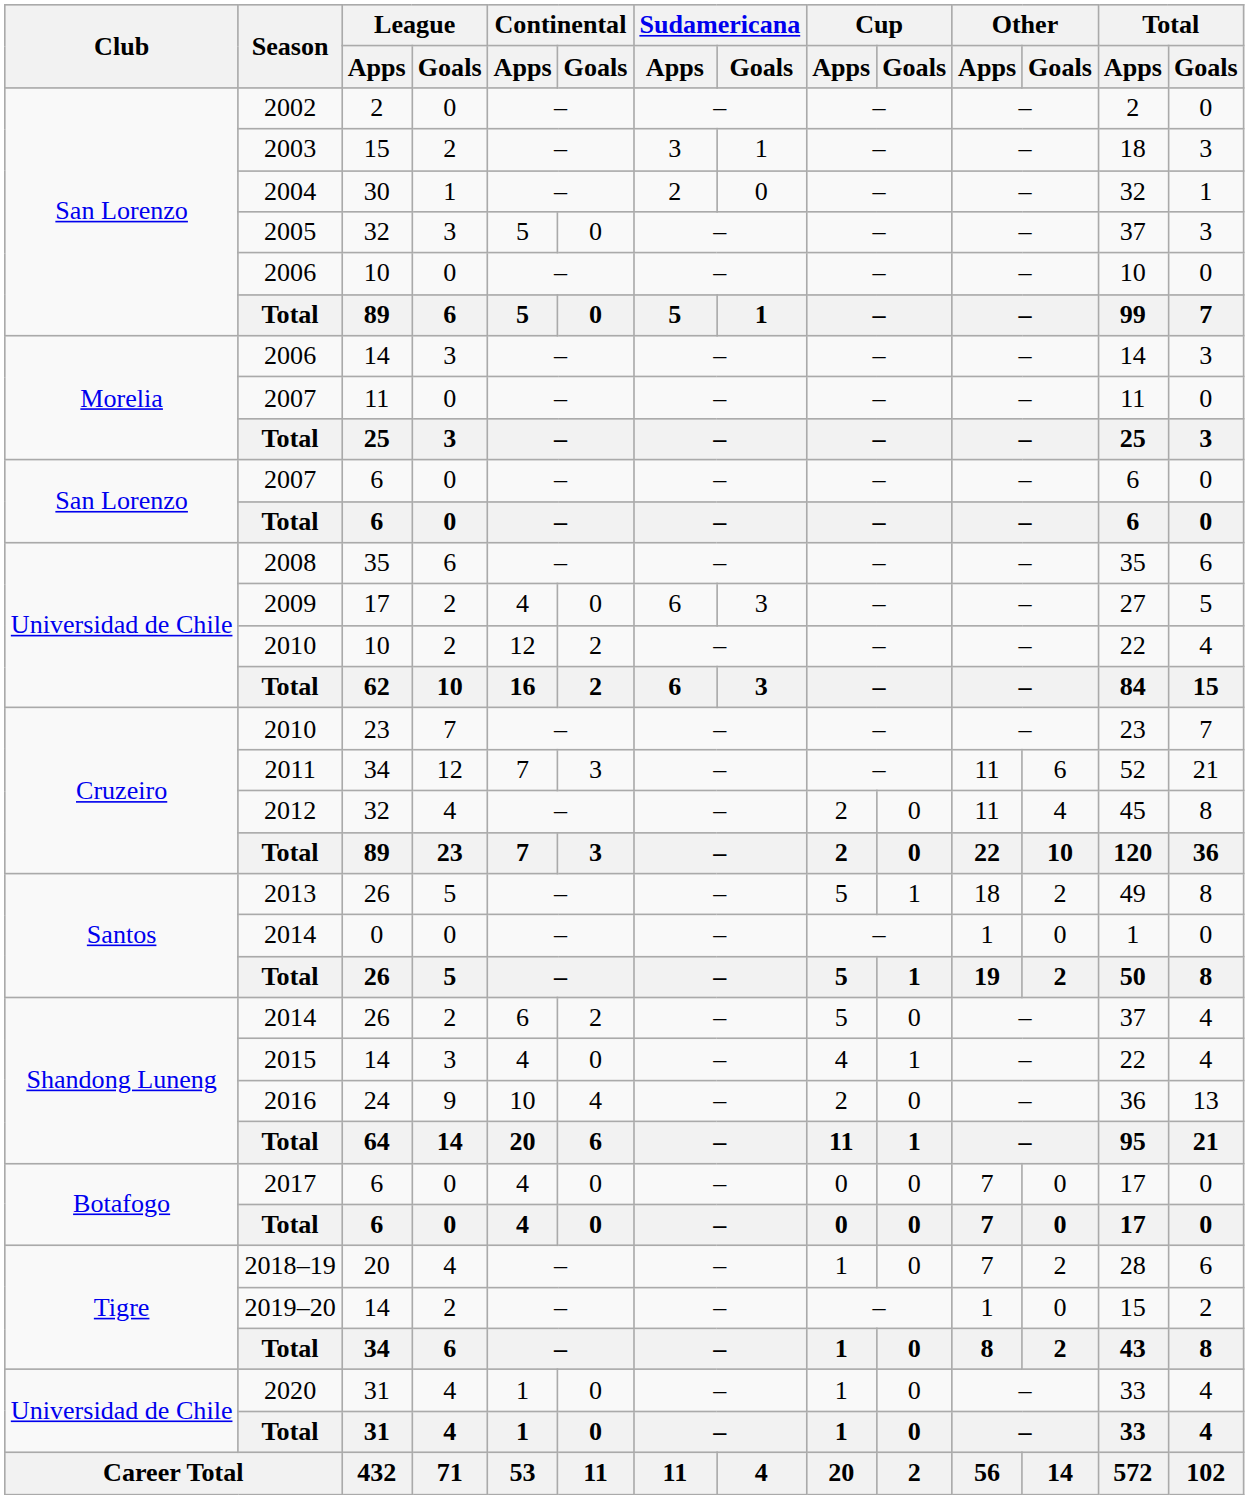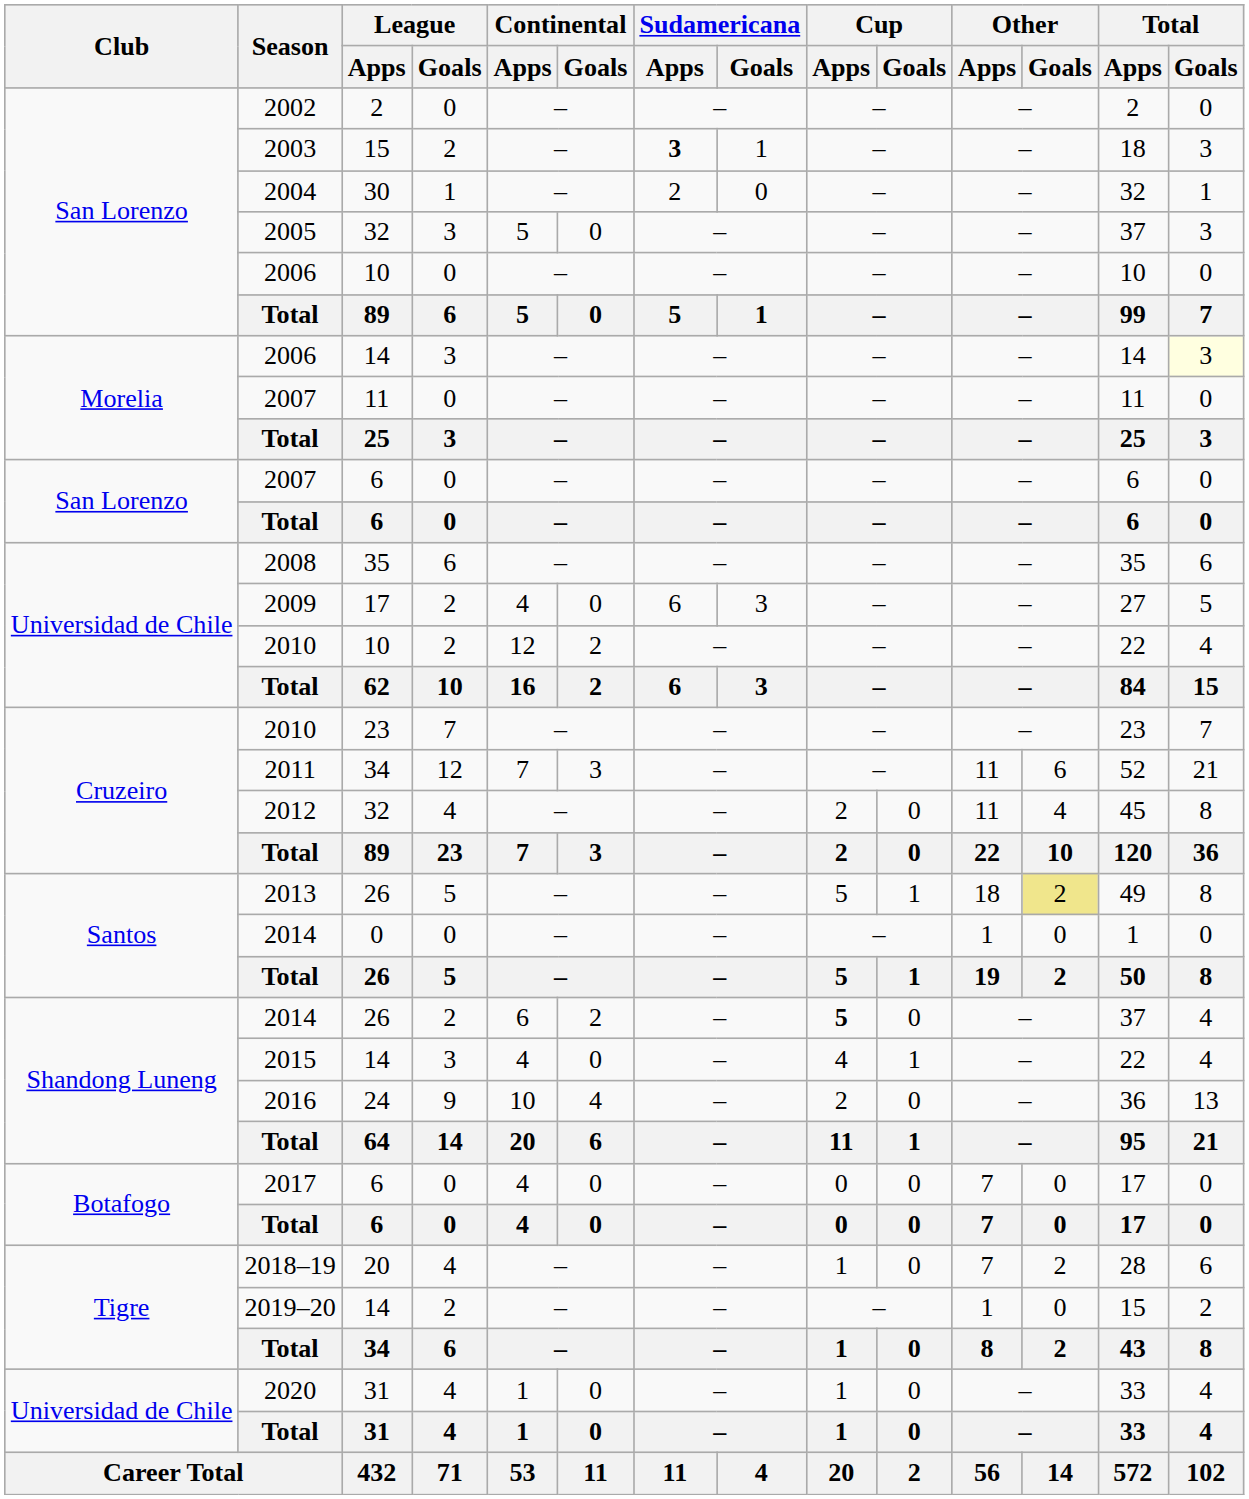 <table class="wikitable" style="text-align: center;">
 <tr>
 <th rowspan="2">Club</th>
 <th rowspan="2">Season</th>
 <th colspan="2">League</th>
 <th colspan="2">Continental</th>
 <th colspan="2"><a href='#'>Sudamericana</a></th>
 <th colspan="2">Cup</th>
 <th colspan="2">Other</th>
 <th colspan="2">Total</th>
 </tr>
 <tr>
 <th>Apps</th>
 <th>Goals</th>
 <th>Apps</th>
 <th>Goals</th>
 <th>Apps</th>
 <th>Goals</th>
 <th>Apps</th>
 <th>Goals</th>
 <th>Apps</th>
 <th>Goals</th>
 <th>Apps</th>
 <th>Goals</th>
 </tr>
 <tr>
 <td rowspan="6"><a href='#'>San Lorenzo</a></td>
 <td>2002</td>
 <td>2</td>
 <td>0</td>
 <td colspan=2>–</td>
 <td colspan=2>–</td>
 <td colspan=2>–</td>
 <td colspan=2>–</td>
 <td>2</td>
 <td>0</td>
 </tr>
 <tr>
 <td>2003</td>
 <td>15</td>
 <td>2</td>
 <td colspan=2>–</td>
-<td>3</td>
+<td><strong>3</strong></td>
 <td>1</td>
 <td colspan=2>–</td>
 <td colspan=2>–</td>
 <td>18</td>
 <td>3</td>
 </tr>
 <tr>
 <td>2004</td>
 <td>30</td>
 <td>1</td>
 <td colspan=2>–</td>
 <td>2</td>
 <td>0</td>
 <td colspan=2>–</td>
 <td colspan=2>–</td>
 <td>32</td>
 <td>1</td>
 </tr>
 <tr>
 <td>2005</td>
 <td>32</td>
 <td>3</td>
 <td>5</td>
 <td>0</td>
 <td colspan=2>–</td>
 <td colspan=2>–</td>
 <td colspan=2>–</td>
 <td>37</td>
 <td>3</td>
 </tr>
 <tr>
 <td>2006</td>
 <td>10</td>
 <td>0</td>
 <td colspan=2>–</td>
 <td colspan=2>–</td>
 <td colspan=2>–</td>
 <td colspan=2>–</td>
 <td>10</td>
 <td>0</td>
 </tr>
 <tr>
 <th>Total</th>
 <th>89</th>
 <th>6</th>
 <th>5</th>
 <th>0</th>
 <th>5</th>
 <th>1</th>
 <th colspan=2>–</th>
 <th colspan=2>–</th>
 <th>99</th>
 <th>7</th>
 </tr>
 <tr>
 <td rowspan="3"><a href='#'>Morelia</a></td>
 <td>2006</td>
 <td>14</td>
 <td>3</td>
 <td colspan=2>–</td>
 <td colspan=2>–</td>
 <td colspan=2>–</td>
 <td colspan=2>–</td>
 <td>14</td>
-<td>3</td>
+<td style="background: lightyellow;">3</td>
 </tr>
 <tr>
 <td>2007</td>
 <td>11</td>
 <td>0</td>
 <td colspan=2>–</td>
 <td colspan=2>–</td>
 <td colspan=2>–</td>
 <td colspan=2>–</td>
 <td>11</td>
 <td>0</td>
 </tr>
 <tr>
 <th>Total</th>
 <th>25</th>
 <th>3</th>
 <th colspan=2>–</th>
 <th colspan=2>–</th>
 <th colspan=2>–</th>
 <th colspan=2>–</th>
 <th>25</th>
 <th>3</th>
 </tr>
 <tr>
 <td rowspan="2"><a href='#'>San Lorenzo</a></td>
 <td>2007</td>
 <td>6</td>
 <td>0</td>
 <td colspan=2>–</td>
 <td colspan=2>–</td>
 <td colspan=2>–</td>
 <td colspan=2>–</td>
 <td>6</td>
 <td>0</td>
 </tr>
 <tr>
 <th>Total</th>
 <th>6</th>
 <th>0</th>
 <th colspan=2>–</th>
 <th colspan=2>–</th>
 <th colspan=2>–</th>
 <th colspan=2>–</th>
 <th>6</th>
 <th>0</th>
 </tr>
 <tr>
 <td rowspan="4"><a href='#'>Universidad de Chile</a></td>
 <td>2008</td>
 <td>35</td>
 <td>6</td>
 <td colspan=2>–</td>
 <td colspan=2>–</td>
 <td colspan=2>–</td>
 <td colspan=2>–</td>
 <td>35</td>
 <td>6</td>
 </tr>
 <tr>
 <td>2009</td>
 <td>17</td>
 <td>2</td>
 <td>4</td>
 <td>0</td>
 <td>6</td>
 <td>3</td>
 <td colspan=2>–</td>
 <td colspan=2>–</td>
 <td>27</td>
 <td>5</td>
 </tr>
 <tr>
 <td>2010</td>
 <td>10</td>
 <td>2</td>
 <td>12</td>
 <td>2</td>
 <td colspan=2>–</td>
 <td colspan=2>–</td>
 <td colspan=2>–</td>
 <td>22</td>
 <td>4</td>
 </tr>
 <tr>
 <th>Total</th>
 <th>62</th>
 <th>10</th>
 <th>16</th>
 <th>2</th>
 <th>6</th>
 <th>3</th>
 <th colspan=2>–</th>
 <th colspan=2>–</th>
 <th>84</th>
 <th>15</th>
 </tr>
 <tr>
 <td rowspan="4"><a href='#'>Cruzeiro</a></td>
 <td>2010</td>
 <td>23</td>
 <td>7</td>
 <td colspan=2>–</td>
 <td colspan=2>–</td>
 <td colspan=2>–</td>
 <td colspan=2>–</td>
 <td>23</td>
 <td>7</td>
 </tr>
 <tr>
 <td>2011</td>
 <td>34</td>
 <td>12</td>
 <td>7</td>
 <td>3</td>
 <td colspan=2>–</td>
 <td colspan=2>–</td>
 <td>11</td>
 <td>6</td>
 <td>52</td>
 <td>21</td>
 </tr>
 <tr>
 <td>2012</td>
 <td>32</td>
 <td>4</td>
 <td colspan=2>–</td>
 <td colspan=2>–</td>
 <td>2</td>
 <td>0</td>
 <td>11</td>
 <td>4</td>
 <td>45</td>
 <td>8</td>
 </tr>
 <tr>
 <th>Total</th>
 <th>89</th>
 <th>23</th>
 <th>7</th>
 <th>3</th>
 <th colspan=2>–</th>
 <th>2</th>
 <th>0</th>
 <th>22</th>
 <th>10</th>
 <th>120</th>
 <th>36</th>
 </tr>
 <tr>
 <td rowspan="3"><a href='#'>Santos</a></td>
 <td>2013</td>
 <td>26</td>
 <td>5</td>
 <td colspan=2>–</td>
 <td colspan=2>–</td>
 <td>5</td>
 <td>1</td>
 <td>18</td>
-<td>2</td>
+<td style="background: khaki;">2</td>
 <td>49</td>
 <td>8</td>
 </tr>
 <tr>
 <td>2014</td>
 <td>0</td>
 <td>0</td>
 <td colspan=2>–</td>
 <td colspan=2>–</td>
 <td colspan=2>–</td>
 <td>1</td>
 <td>0</td>
 <td>1</td>
 <td>0</td>
 </tr>
 <tr>
 <th>Total</th>
 <th>26</th>
 <th>5</th>
 <th colspan=2>–</th>
 <th colspan=2>–</th>
 <th>5</th>
 <th>1</th>
 <th>19</th>
 <th>2</th>
 <th>50</th>
 <th>8</th>
 </tr>
 <tr>
 <td rowspan="4"><a href='#'>Shandong Luneng</a></td>
 <td>2014</td>
 <td>26</td>
 <td>2</td>
 <td>6</td>
 <td>2</td>
 <td colspan=2>–</td>
-<td>5</td>
+<td><strong>5</strong></td>
 <td>0</td>
 <td colspan=2>–</td>
 <td>37</td>
 <td>4</td>
 </tr>
 <tr>
 <td>2015</td>
 <td>14</td>
 <td>3</td>
 <td>4</td>
 <td>0</td>
 <td colspan=2>–</td>
 <td>4</td>
 <td>1</td>
 <td colspan=2>–</td>
 <td>22</td>
 <td>4</td>
 </tr>
 <tr>
 <td>2016</td>
 <td>24</td>
 <td>9</td>
 <td>10</td>
 <td>4</td>
 <td colspan=2>–</td>
 <td>2</td>
 <td>0</td>
 <td colspan=2>–</td>
 <td>36</td>
 <td>13</td>
 </tr>
 <tr>
 <th>Total</th>
 <th>64</th>
 <th>14</th>
 <th>20</th>
 <th>6</th>
 <th colspan=2>–</th>
 <th>11</th>
 <th>1</th>
 <th colspan=2>–</th>
 <th>95</th>
 <th>21</th>
 </tr>
 <tr>
 <td rowspan="2"><a href='#'>Botafogo</a></td>
 <td>2017</td>
 <td>6</td>
 <td>0</td>
 <td>4</td>
 <td>0</td>
 <td colspan=2>–</td>
 <td>0</td>
 <td>0</td>
 <td>7</td>
 <td>0</td>
 <td>17</td>
 <td>0</td>
 </tr>
 <tr>
 <th>Total</th>
 <th>6</th>
 <th>0</th>
 <th>4</th>
 <th>0</th>
 <th colspan=2>–</th>
 <th>0</th>
 <th>0</th>
 <th>7</th>
 <th>0</th>
 <th>17</th>
 <th>0</th>
 </tr>
 <tr>
 <td rowspan="3"><a href='#'>Tigre</a></td>
 <td>2018–19</td>
 <td>20</td>
 <td>4</td>
 <td colspan=2>–</td>
 <td colspan=2>–</td>
 <td>1</td>
 <td>0</td>
 <td>7</td>
 <td>2</td>
 <td>28</td>
 <td>6</td>
 </tr>
 <tr>
 <td>2019–20</td>
 <td>14</td>
 <td>2</td>
 <td colspan=2>–</td>
 <td colspan=2>–</td>
 <td colspan=2>–</td>
 <td>1</td>
 <td>0</td>
 <td>15</td>
 <td>2</td>
 </tr>
 <tr>
 <th>Total</th>
 <th>34</th>
 <th>6</th>
 <th colspan=2>–</th>
 <th colspan=2>–</th>
 <th>1</th>
 <th>0</th>
 <th>8</th>
 <th>2</th>
 <th>43</th>
 <th>8</th>
 </tr>
 <tr>
 <td rowspan="2"><a href='#'>Universidad de Chile</a></td>
 <td>2020</td>
 <td>31</td>
 <td>4</td>
 <td>1</td>
 <td>0</td>
 <td colspan=2>–</td>
 <td>1</td>
 <td>0</td>
 <td colspan=2>–</td>
 <td>33</td>
 <td>4</td>
 </tr>
 <tr>
 <th>Total</th>
 <th>31</th>
 <th>4</th>
 <th>1</th>
 <th>0</th>
 <th colspan=2>–</th>
 <th>1</th>
 <th>0</th>
 <th colspan=2>–</th>
 <th>33</th>
 <th>4</th>
 </tr>
 <tr>
 <th colspan="2">Career Total</th>
 <th>432</th>
 <th>71</th>
 <th>53</th>
 <th>11</th>
 <th>11</th>
 <th>4</th>
 <th>20</th>
 <th>2</th>
 <th>56</th>
 <th>14</th>
 <th>572</th>
 <th>102</th>
 </tr>
 </table>
